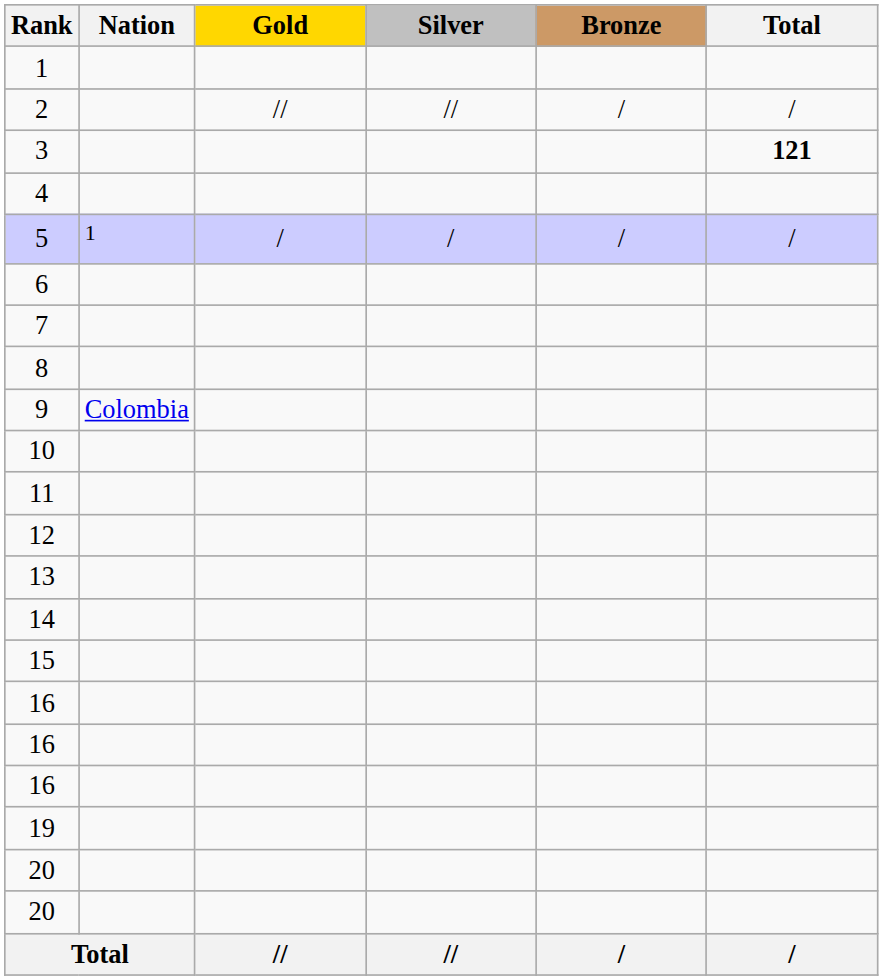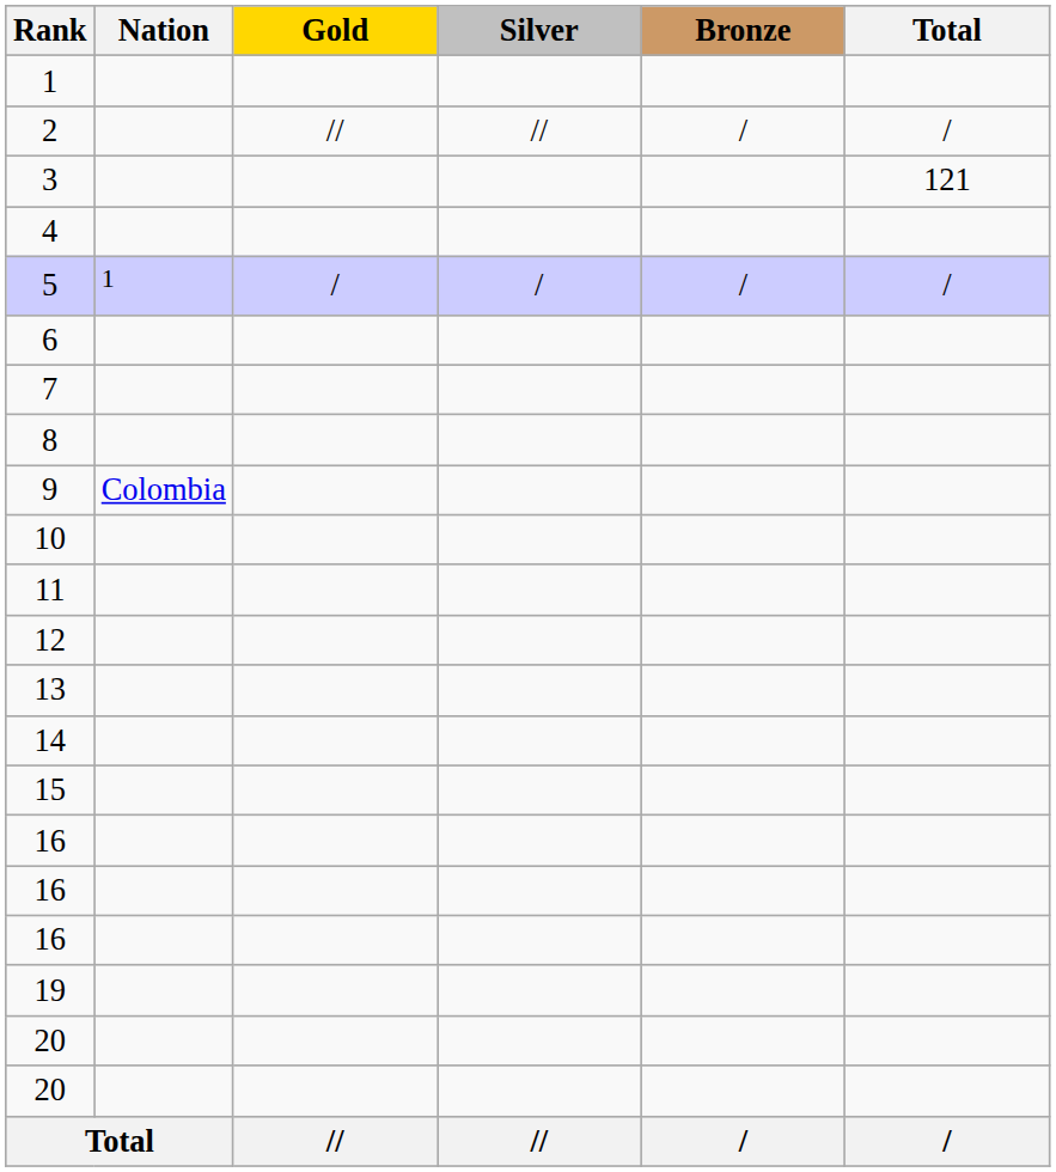 <table class="wikitable sortable plainrowheaders" style="text-align: center">
 <tr>
 <th scope="col">Rank</th>
 <th scope="col">Nation</th>
 <th scope="col" style="background-color:gold; width:6em;">Gold</th>
 <th scope="col" style="background-color:silver; width:6em;">Silver</th>
 <th scope="col" style="background-color:#cc9966; width:6em;">Bronze</th>
 <th scope="col" style="width:6em;">Total</th>
 </tr>
 <tr>
 <td>1</td>
 <td align=left> </td>
 <td></td>
 <td></td>
 <td></td>
 <td></td>
 </tr>
 <tr>
 <td>2</td>
 <td align=left> </td>
 <td>//</td>
 <td>//</td>
 <td>/</td>
 <td>/</td>
 </tr>
 <tr>
 <td>3</td>
 <td align=left> </td>
 <td></td>
 <td></td>
 <td></td>
-<td><strong>121</strong></td>
+<td>121</td>
 </tr>
 <tr>
 <td>4</td>
 <td align=left></td>
 <td></td>
 <td></td>
 <td></td>
 <td></td>
 </tr>
 <tr style="background-color:#ccccff">
 <td>5</td>
 <td align=left> <sup>1</sup> </td>
 <td>/</td>
 <td>/</td>
 <td>/</td>
 <td>/</td>
 </tr>
 <tr>
 <td>6</td>
 <td align=left></td>
 <td></td>
 <td></td>
 <td></td>
 <td></td>
 </tr>
 <tr>
 <td>7</td>
 <td align=left></td>
 <td></td>
 <td></td>
 <td></td>
 <td></td>
 </tr>
 <tr>
 <td>8</td>
 <td align=left></td>
 <td></td>
 <td></td>
 <td></td>
 <td></td>
 </tr>
 <tr>
 <td>9</td>
 <td align=left> <a href='#'>Colombia</a></td>
 <td></td>
 <td></td>
 <td></td>
 <td></td>
 </tr>
 <tr>
 <td>10</td>
 <td align=left></td>
 <td></td>
 <td></td>
 <td></td>
 <td></td>
 </tr>
 <tr>
 <td>11</td>
 <td align=left></td>
 <td></td>
 <td></td>
 <td></td>
 <td></td>
 </tr>
 <tr>
 <td>12</td>
 <td align=left></td>
 <td></td>
 <td></td>
 <td></td>
 <td></td>
 </tr>
 <tr>
 <td>13</td>
 <td align=left></td>
 <td></td>
 <td></td>
 <td></td>
 <td></td>
 </tr>
 <tr>
 <td>14</td>
 <td align=left></td>
 <td></td>
 <td></td>
 <td></td>
 <td></td>
 </tr>
 <tr>
 <td>15</td>
 <td align=left></td>
 <td></td>
 <td></td>
 <td></td>
 <td></td>
 </tr>
 <tr>
 <td>16</td>
 <td align=left></td>
 <td></td>
 <td></td>
 <td></td>
 <td></td>
 </tr>
 <tr>
 <td>16</td>
 <td align=left></td>
 <td></td>
 <td></td>
 <td></td>
 <td></td>
 </tr>
 <tr>
 <td>16</td>
 <td align=left></td>
 <td></td>
 <td></td>
 <td></td>
 <td></td>
 </tr>
 <tr>
 <td>19</td>
 <td align=left></td>
 <td></td>
 <td></td>
 <td></td>
 <td></td>
 </tr>
 <tr>
 <td>20</td>
 <td align=left></td>
 <td></td>
 <td></td>
 <td></td>
 <td></td>
 </tr>
 <tr>
 <td>20</td>
 <td align=left></td>
 <td></td>
 <td></td>
 <td></td>
 <td></td>
 </tr>
 <tr class="sortbottom">
 <th colspan=2>Total</th>
 <th>//</th>
 <th>//</th>
 <th>/</th>
 <th>/</th>
 </tr>
 </table>
